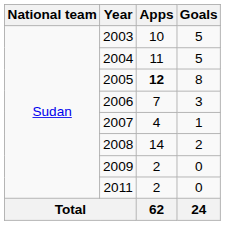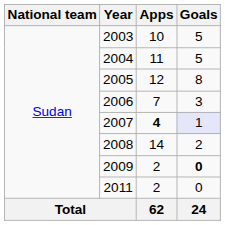 <table class="wikitable" style="text-align:center">
 <tr>
 <th>National team</th>
 <th>Year</th>
 <th>Apps</th>
 <th>Goals</th>
 </tr>
 <tr>
 <td rowspan="8"><a href='#'>Sudan</a></td>
 <td>2003</td>
 <td>10</td>
 <td>5</td>
 </tr>
 <tr>
 <td>2004</td>
 <td>11</td>
 <td>5</td>
 </tr>
 <tr>
 <td>2005</td>
-<td><strong>12</strong></td>
+<td>12</td>
 <td>8</td>
 </tr>
 <tr>
 <td>2006</td>
 <td>7</td>
 <td>3</td>
 </tr>
 <tr>
 <td>2007</td>
-<td>4</td>
-<td>1</td>
+<td><strong>4</strong></td>
+<td style="background: lavender;">1</td>
 </tr>
 <tr>
 <td>2008</td>
 <td>14</td>
 <td>2</td>
 </tr>
 <tr>
 <td>2009</td>
 <td>2</td>
-<td>0</td>
+<td><strong>0</strong></td>
 </tr>
 <tr>
 <td>2011</td>
 <td>2</td>
 <td>0</td>
 </tr>
 <tr>
 <th colspan="2">Total</th>
 <th>62</th>
 <th>24</th>
 </tr>
 </table>
